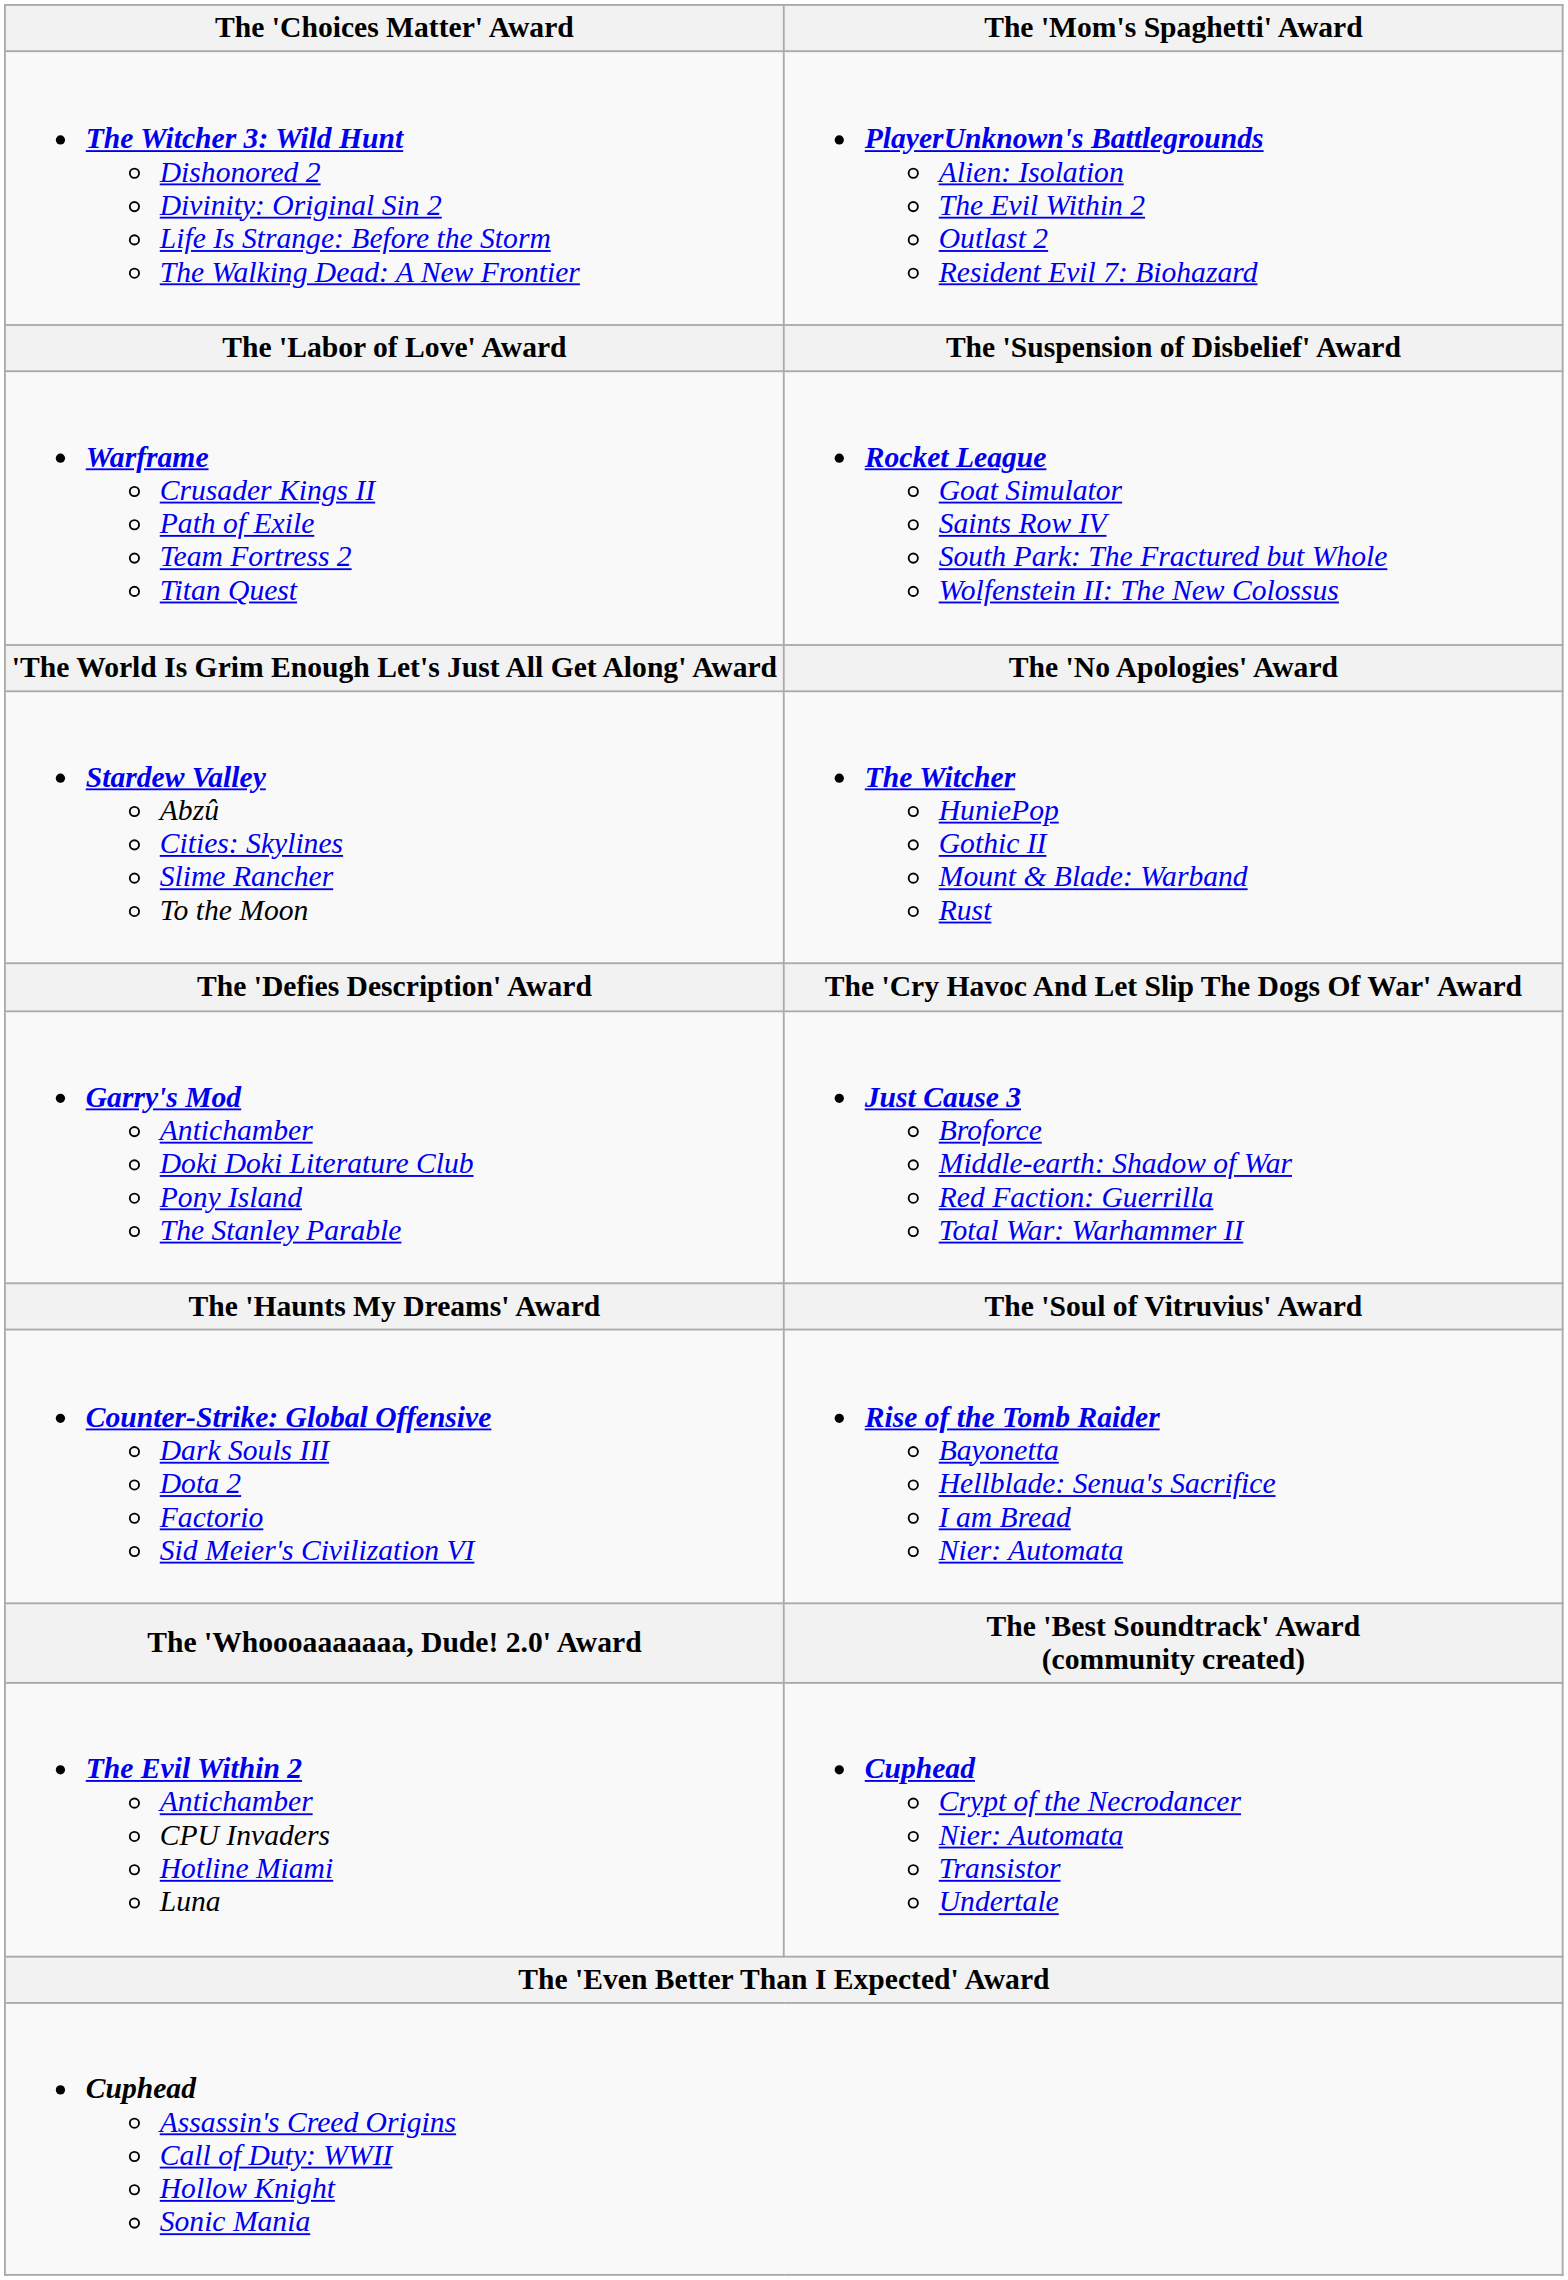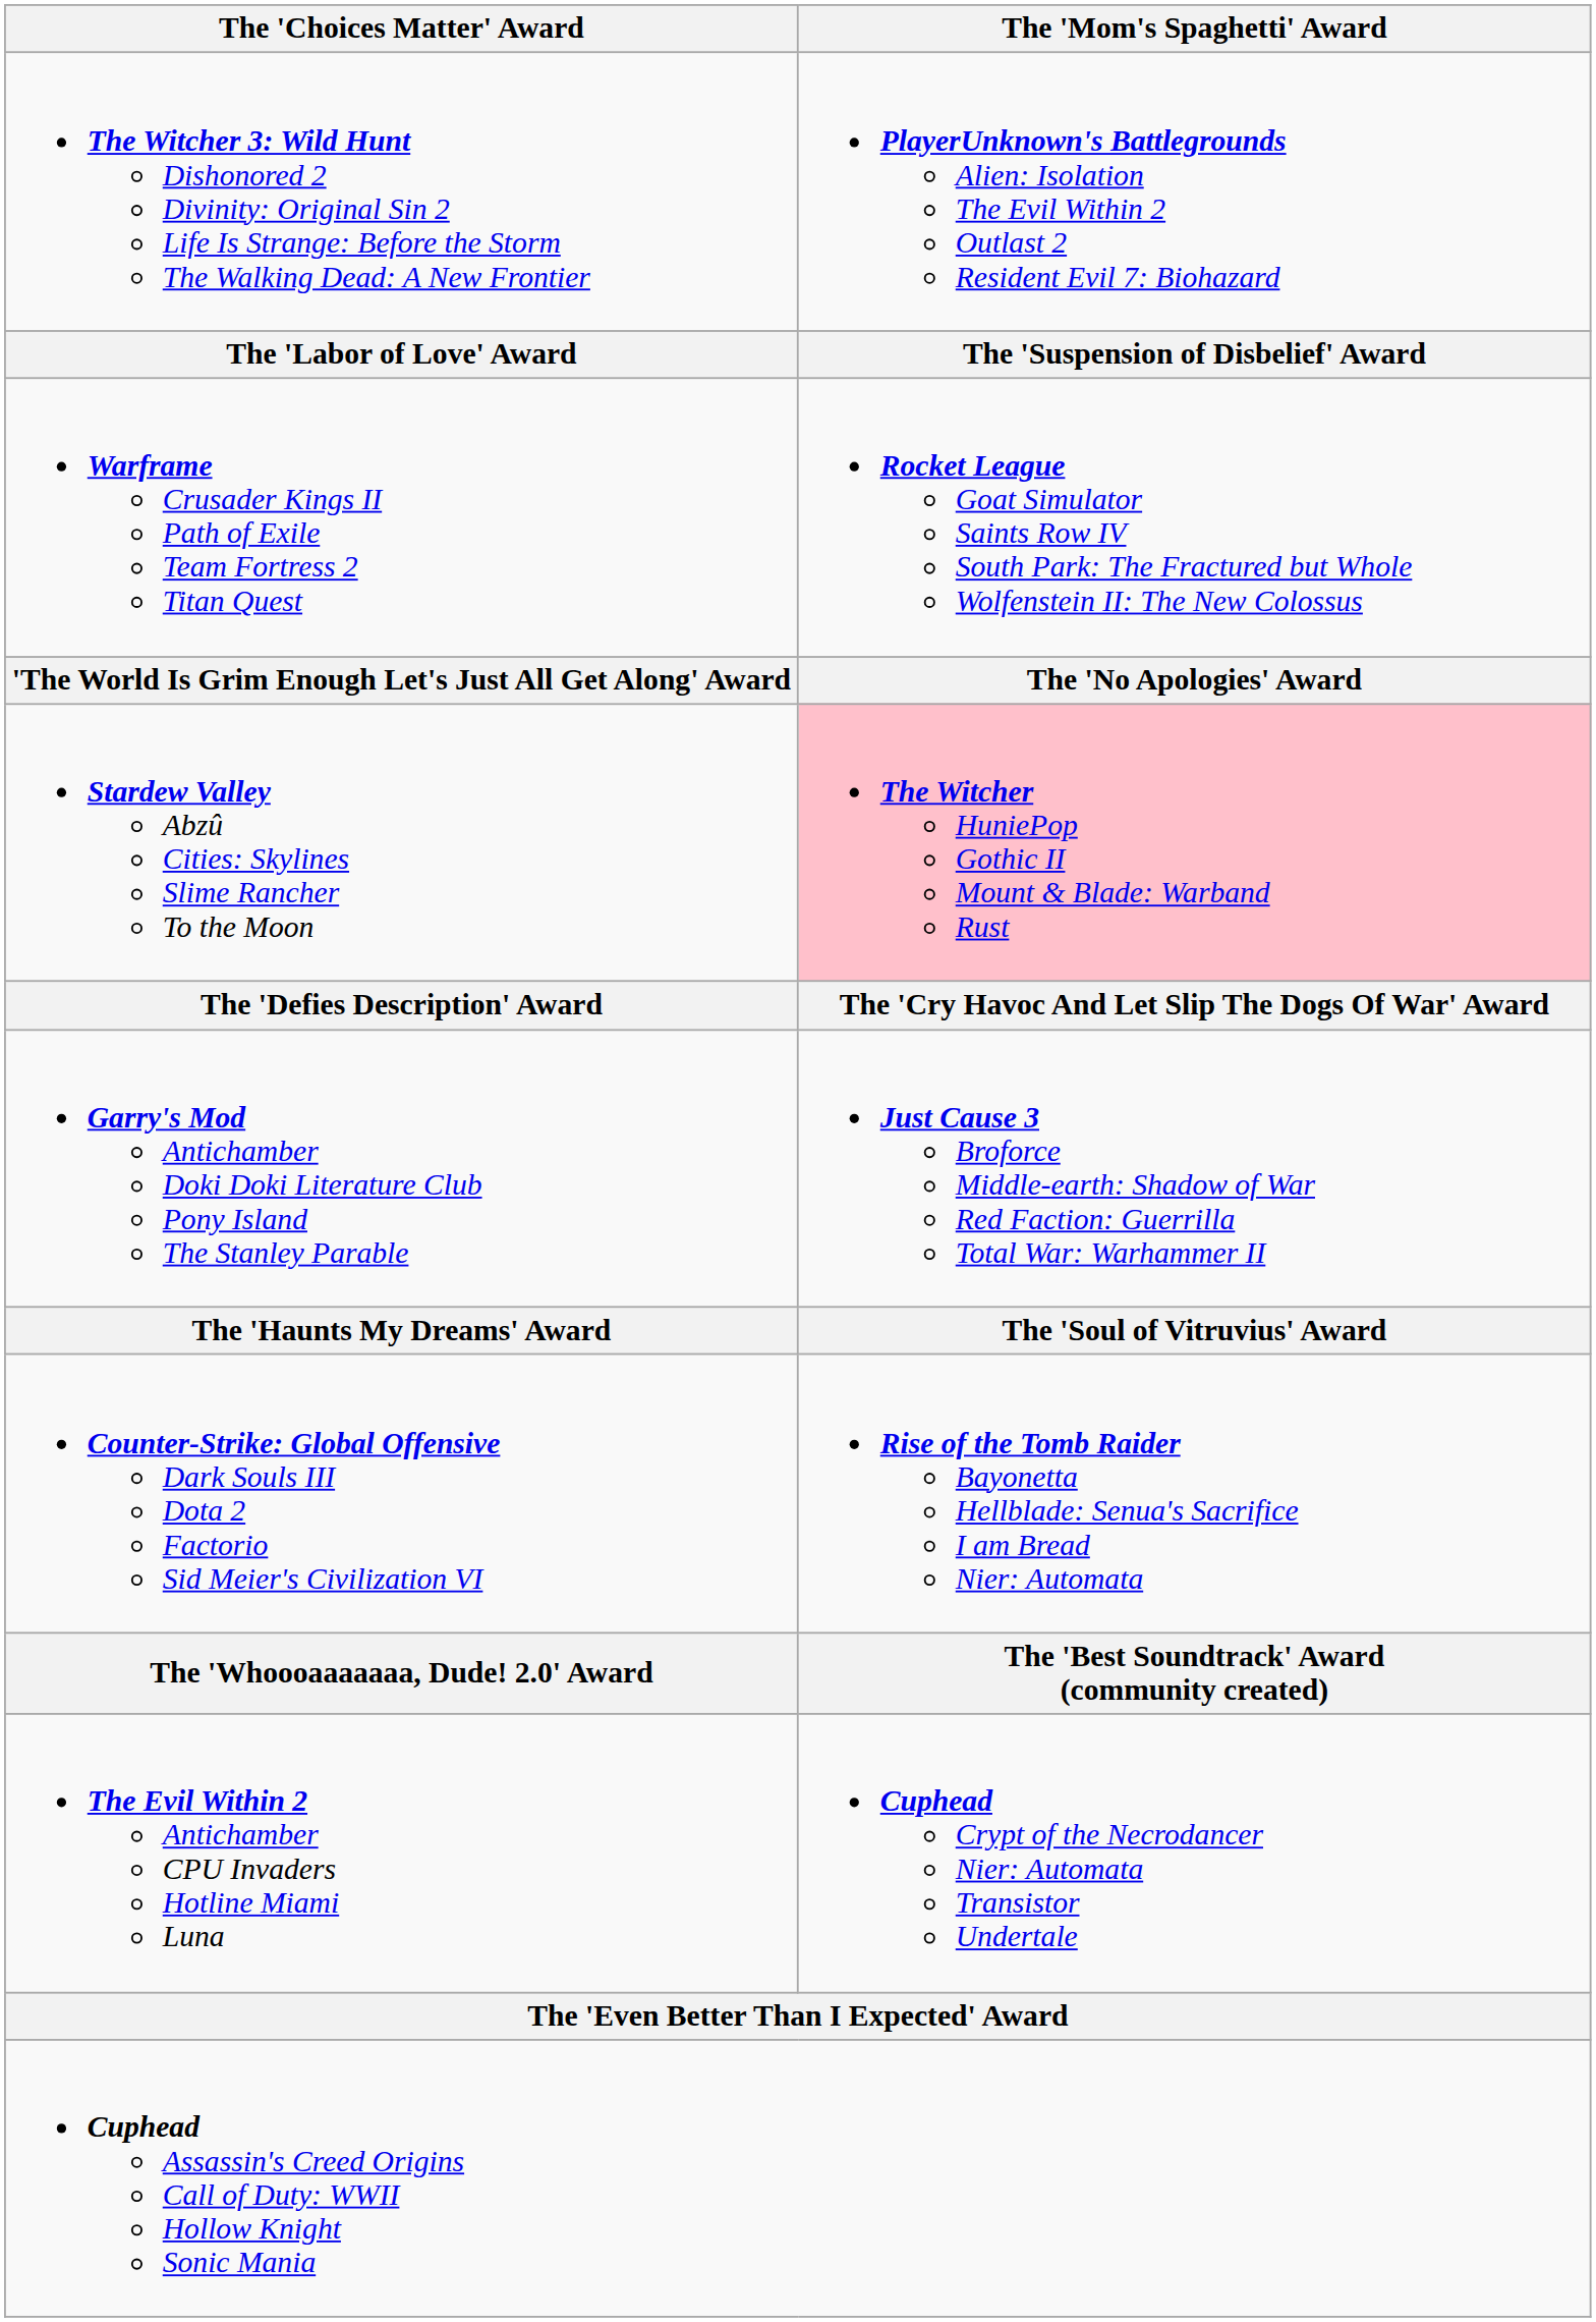 <table class=wikitable>
 <tr>
 <th style="width:50%">The 'Choices Matter' Award</th>
 <th style="width:50%">The 'Mom's Spaghetti' Award</th>
 </tr>
 <tr>
 <td valign="top"><br><ul><li><strong><em><a href='#'>The Witcher 3: Wild Hunt</a></em></strong><ul><li><em><a href='#'>Dishonored 2</a></em></li><li><em><a href='#'>Divinity: Original Sin 2</a></em></li><li><em><a href='#'>Life Is Strange: Before the Storm</a></em></li><li><em><a href='#'>The Walking Dead: A New Frontier</a></em></li></ul></li></ul></td>
 <td valign="top"><br><ul><li><strong><em><a href='#'>PlayerUnknown's Battlegrounds</a></em></strong><ul><li><em><a href='#'>Alien: Isolation</a></em></li><li><em><a href='#'>The Evil Within 2</a></em></li><li><em><a href='#'>Outlast 2</a></em></li><li><em><a href='#'>Resident Evil 7: Biohazard</a></em></li></ul></li></ul></td>
 </tr>
 <tr>
 <th style="width:50%">The 'Labor of Love' Award</th>
 <th style="width:50%">The 'Suspension of Disbelief' Award</th>
 </tr>
 <tr>
 <td valign="top"><br><ul><li><strong><em><a href='#'>Warframe</a></em></strong><ul><li><em><a href='#'>Crusader Kings II</a></em></li><li><em><a href='#'>Path of Exile</a></em></li><li><em><a href='#'>Team Fortress 2</a></em></li><li><em><a href='#'>Titan Quest</a></em></li></ul></li></ul></td>
 <td valign="top"><br><ul><li><strong><em><a href='#'>Rocket League</a></em></strong><ul><li><em><a href='#'>Goat Simulator</a></em></li><li><em><a href='#'>Saints Row IV</a></em></li><li><em><a href='#'>South Park: The Fractured but Whole</a></em></li><li><em><a href='#'>Wolfenstein II: The New Colossus</a></em></li></ul></li></ul></td>
 </tr>
 <tr>
 <th style="width:50%">'The World Is Grim Enough Let's Just All Get Along' Award</th>
 <th style="width:50%">The 'No Apologies' Award</th>
 </tr>
 <tr>
 <td valign="top"><br><ul><li><strong><em><a href='#'>Stardew Valley</a></em></strong><ul><li><em>Abzû</em></li><li><em><a href='#'>Cities: Skylines</a></em></li><li><em><a href='#'>Slime Rancher</a></em></li><li><em>To the Moon</em></li></ul></li></ul></td>
-<td valign="top"><br><ul><li><strong><em><a href='#'>The Witcher</a></em></strong><ul><li><em><a href='#'>HuniePop</a></em></li><li><em><a href='#'>Gothic II</a></em></li><li><em><a href='#'>Mount & Blade: Warband</a></em></li><li><em><a href='#'>Rust</a></em></li></ul></li></ul></td>
+<td valign="top" style="background: pink;"><br><ul><li><strong><em><a href='#'>The Witcher</a></em></strong><ul><li><em><a href='#'>HuniePop</a></em></li><li><em><a href='#'>Gothic II</a></em></li><li><em><a href='#'>Mount & Blade: Warband</a></em></li><li><em><a href='#'>Rust</a></em></li></ul></li></ul></td>
 </tr>
 <tr>
 <th style="width:50%">The 'Defies Description' Award</th>
 <th style="width:50%">The 'Cry Havoc And Let Slip The Dogs Of War' Award</th>
 </tr>
 <tr>
 <td valign="top"><br><ul><li><strong><em><a href='#'>Garry's Mod</a></em></strong><ul><li><em><a href='#'>Antichamber</a></em></li><li><em><a href='#'>Doki Doki Literature Club</a></em></li><li><em><a href='#'>Pony Island</a></em></li><li><em><a href='#'>The Stanley Parable</a></em></li></ul></li></ul></td>
 <td valign="top"><br><ul><li><strong><em><a href='#'>Just Cause 3</a></em></strong><ul><li><em><a href='#'>Broforce</a></em></li><li><em><a href='#'>Middle-earth: Shadow of War</a></em></li><li><em><a href='#'>Red Faction: Guerrilla</a></em></li><li><em><a href='#'>Total War: Warhammer II</a></em></li></ul></li></ul></td>
 </tr>
 <tr>
 <th style="width:50%">The 'Haunts My Dreams' Award</th>
 <th style="width:50%">The 'Soul of Vitruvius' Award</th>
 </tr>
 <tr>
 <td valign="top"><br><ul><li><strong><em><a href='#'>Counter-Strike: Global Offensive</a></em></strong><ul><li><em><a href='#'>Dark Souls III</a></em></li><li><em><a href='#'>Dota 2</a></em></li><li><em><a href='#'>Factorio</a></em></li><li><em><a href='#'>Sid Meier's Civilization VI</a></em></li></ul></li></ul></td>
 <td valign="top"><br><ul><li><strong><em><a href='#'>Rise of the Tomb Raider</a></em></strong><ul><li><em><a href='#'>Bayonetta</a></em></li><li><em><a href='#'>Hellblade: Senua's Sacrifice</a></em></li><li><em><a href='#'>I am Bread</a></em></li><li><em><a href='#'>Nier: Automata</a></em></li></ul></li></ul></td>
 </tr>
 <tr>
 <th style="width:50%">The 'Whoooaaaaaaa, Dude! 2.0' Award</th>
 <th style="width:50%">The 'Best Soundtrack' Award<br>(community created)</th>
 </tr>
 <tr>
 <td valign="top"><br><ul><li><strong><em><a href='#'>The Evil Within 2</a></em></strong><ul><li><em><a href='#'>Antichamber</a></em></li><li><em>CPU Invaders</em></li><li><em><a href='#'>Hotline Miami</a></em></li><li><em>Luna</em></li></ul></li></ul></td>
 <td valign="top"><br><ul><li><strong><em><a href='#'>Cuphead</a></em></strong><ul><li><em><a href='#'>Crypt of the Necrodancer</a></em></li><li><em><a href='#'>Nier: Automata</a></em></li><li><em><a href='#'>Transistor</a></em></li><li><em><a href='#'>Undertale</a></em></li></ul></li></ul></td>
 </tr>
 <tr>
 <th colspan="2" style="width:50%">The 'Even Better Than I Expected' Award</th>
 </tr>
 <tr>
 <td colspan="2" valign="top"><br><ul><li><strong><em>Cuphead</em></strong><ul><li><em><a href='#'>Assassin's Creed Origins</a></em></li><li><em><a href='#'>Call of Duty: WWII</a></em></li><li><em><a href='#'>Hollow Knight</a></em></li><li><em><a href='#'>Sonic Mania</a></em></li></ul></li></ul></td>
 </tr>
 </table>
